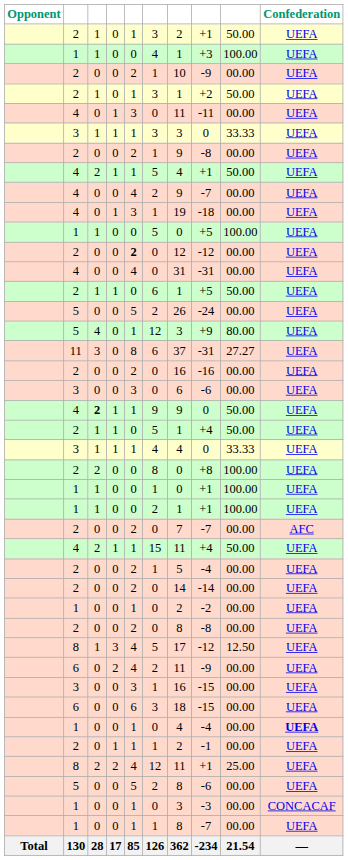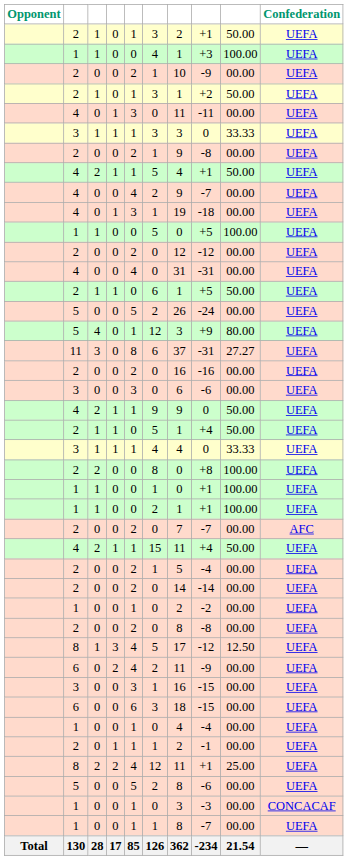 <table class="wikitable sortable" style="text-align:center;">
 <tr style="color:#00966E">
 <th style="background-color:#FFFFFF;color:#00966E">Opponent</th>
 <th style="background-color:#FFFFFF;"></th>
 <th style="background-color:#FFFFFF;"></th>
 <th style="background-color:#FFFFFF;"></th>
 <th style="background-color:#FFFFFF;"></th>
 <th style="background-color:#FFFFFF;"></th>
 <th style="background-color:#FFFFFF;"></th>
 <th style="background-color:#FFFFFF;"></th>
 <th style="background-color:#FFFFFF;"></th>
 <th style="background-color:#FFFFFF;color:#00966E">Confederation</th>
 </tr>
 <tr bgcolor=FFFFCC>
 <td style="text-align:left;"></td>
 <td>2</td>
 <td>1</td>
 <td>0</td>
 <td>1</td>
 <td>3</td>
 <td>2</td>
 <td>+1</td>
 <td>50.00</td>
 <td><a href='#'>UEFA</a></td>
 </tr>
 <tr bgcolor=CCFFCC>
 <td style="text-align:left;"></td>
 <td>1</td>
 <td>1</td>
 <td>0</td>
 <td>0</td>
 <td>4</td>
 <td>1</td>
 <td>+3</td>
 <td>100.00</td>
 <td><a href='#'>UEFA</a></td>
 </tr>
 <tr bgcolor=FFDACC>
 <td style="text-align:left;"></td>
 <td>2</td>
 <td>0</td>
 <td>0</td>
 <td>2</td>
 <td>1</td>
 <td>10</td>
 <td>-9</td>
 <td>00.00</td>
 <td><a href='#'>UEFA</a></td>
 </tr>
 <tr bgcolor=FFFFCC>
 <td style="text-align:left;"></td>
 <td>2</td>
 <td>1</td>
 <td>0</td>
 <td>1</td>
 <td>3</td>
 <td>1</td>
 <td>+2</td>
 <td>50.00</td>
 <td><a href='#'>UEFA</a></td>
 </tr>
 <tr bgcolor=FFDACC>
 <td style="text-align:left;"></td>
 <td>4</td>
 <td>0</td>
 <td>1</td>
 <td>3</td>
 <td>0</td>
 <td>11</td>
 <td>-11</td>
 <td>00.00</td>
 <td><a href='#'>UEFA</a></td>
 </tr>
 <tr bgcolor=FFFFCC>
 <td style="text-align:left;"></td>
 <td>3</td>
 <td>1</td>
 <td>1</td>
 <td>1</td>
 <td>3</td>
 <td>3</td>
 <td>0</td>
 <td>33.33</td>
 <td><a href='#'>UEFA</a></td>
 </tr>
 <tr bgcolor=FFDACC>
 <td style="text-align:left;"></td>
 <td>2</td>
 <td>0</td>
 <td>0</td>
 <td>2</td>
 <td>1</td>
 <td>9</td>
 <td>-8</td>
 <td>00.00</td>
 <td><a href='#'>UEFA</a></td>
 </tr>
 <tr bgcolor=CCFFCC>
 <td style="text-align:left;"></td>
 <td>4</td>
 <td>2</td>
 <td>1</td>
 <td>1</td>
 <td>5</td>
 <td>4</td>
 <td>+1</td>
 <td>50.00</td>
 <td><a href='#'>UEFA</a></td>
 </tr>
 <tr bgcolor=FFDACC>
 <td style="text-align:left;"></td>
 <td>4</td>
 <td>0</td>
 <td>0</td>
 <td>4</td>
 <td>2</td>
 <td>9</td>
 <td>-7</td>
 <td>00.00</td>
 <td><a href='#'>UEFA</a></td>
 </tr>
 <tr bgcolor=FFDACC>
 <td style="text-align:left;"></td>
 <td>4</td>
 <td>0</td>
 <td>1</td>
 <td>3</td>
 <td>1</td>
 <td>19</td>
 <td>-18</td>
 <td>00.00</td>
 <td><a href='#'>UEFA</a></td>
 </tr>
 <tr bgcolor=CCFFCC>
 <td style="text-align:left;"></td>
 <td>1</td>
 <td>1</td>
 <td>0</td>
 <td>0</td>
 <td>5</td>
 <td>0</td>
 <td>+5</td>
 <td>100.00</td>
 <td><a href='#'>UEFA</a></td>
 </tr>
 <tr bgcolor=FFDACC>
 <td style="text-align:left;"></td>
 <td>2</td>
 <td>0</td>
 <td>0</td>
-<td><strong>2</strong></td>
+<td>2</td>
 <td>0</td>
 <td>12</td>
 <td>-12</td>
 <td>00.00</td>
 <td><a href='#'>UEFA</a></td>
 </tr>
 <tr bgcolor=FFDACC>
 <td style="text-align:left;"></td>
 <td>4</td>
 <td>0</td>
 <td>0</td>
 <td>4</td>
 <td>0</td>
 <td>31</td>
 <td>-31</td>
 <td>00.00</td>
 <td><a href='#'>UEFA</a></td>
 </tr>
 <tr bgcolor=CCFFCC>
 <td style="text-align:left;"></td>
 <td>2</td>
 <td>1</td>
 <td>1</td>
 <td>0</td>
 <td>6</td>
 <td>1</td>
 <td>+5</td>
 <td>50.00</td>
 <td><a href='#'>UEFA</a></td>
 </tr>
 <tr bgcolor=FFDACC>
 <td style="text-align:left;"></td>
 <td>5</td>
 <td>0</td>
 <td>0</td>
 <td>5</td>
 <td>2</td>
 <td>26</td>
 <td>-24</td>
 <td>00.00</td>
 <td><a href='#'>UEFA</a></td>
 </tr>
 <tr bgcolor=CCFFCC>
 <td style="text-align:left;"></td>
 <td>5</td>
 <td>4</td>
 <td>0</td>
 <td>1</td>
 <td>12</td>
 <td>3</td>
 <td>+9</td>
 <td>80.00</td>
 <td><a href='#'>UEFA</a></td>
 </tr>
 <tr bgcolor=FFDACC>
 <td style="text-align:left;"></td>
 <td>11</td>
 <td>3</td>
 <td>0</td>
 <td>8</td>
 <td>6</td>
 <td>37</td>
 <td>-31</td>
 <td>27.27</td>
 <td><a href='#'>UEFA</a></td>
 </tr>
 <tr bgcolor=FFDACC>
 <td style="text-align:left;"></td>
 <td>2</td>
 <td>0</td>
 <td>0</td>
 <td>2</td>
 <td>0</td>
 <td>16</td>
 <td>-16</td>
 <td>00.00</td>
 <td><a href='#'>UEFA</a></td>
 </tr>
 <tr bgcolor=FFDACC>
 <td style="text-align:left;"></td>
 <td>3</td>
 <td>0</td>
 <td>0</td>
 <td>3</td>
 <td>0</td>
 <td>6</td>
 <td>-6</td>
 <td>00.00</td>
 <td><a href='#'>UEFA</a></td>
 </tr>
 <tr bgcolor=CCFFCC>
 <td style="text-align:left;"></td>
 <td>4</td>
-<td><strong>2</strong></td>
+<td>2</td>
 <td>1</td>
 <td>1</td>
 <td>9</td>
 <td>9</td>
 <td>0</td>
 <td>50.00</td>
 <td><a href='#'>UEFA</a></td>
 </tr>
 <tr bgcolor=CCFFCC>
 <td style="text-align:left;"></td>
 <td>2</td>
 <td>1</td>
 <td>1</td>
 <td>0</td>
 <td>5</td>
 <td>1</td>
 <td>+4</td>
 <td>50.00</td>
 <td><a href='#'>UEFA</a></td>
 </tr>
 <tr bgcolor=FFFFCC>
 <td style="text-align:left;"></td>
 <td>3</td>
 <td>1</td>
 <td>1</td>
 <td>1</td>
 <td>4</td>
 <td>4</td>
 <td>0</td>
 <td>33.33</td>
 <td><a href='#'>UEFA</a></td>
 </tr>
 <tr bgcolor=CCFFCC>
 <td style="text-align:left;"></td>
 <td>2</td>
 <td>2</td>
 <td>0</td>
 <td>0</td>
 <td>8</td>
 <td>0</td>
 <td>+8</td>
 <td>100.00</td>
 <td><a href='#'>UEFA</a></td>
 </tr>
 <tr bgcolor=CCFFCC>
 <td style="text-align:left;"></td>
 <td>1</td>
 <td>1</td>
 <td>0</td>
 <td>0</td>
 <td>1</td>
 <td>0</td>
 <td>+1</td>
 <td>100.00</td>
 <td><a href='#'>UEFA</a></td>
 </tr>
 <tr bgcolor=CCFFCC>
 <td style="text-align:left;"></td>
 <td>1</td>
 <td>1</td>
 <td>0</td>
 <td>0</td>
 <td>2</td>
 <td>1</td>
 <td>+1</td>
 <td>100.00</td>
 <td><a href='#'>UEFA</a></td>
 </tr>
 <tr bgcolor=FFDACC>
 <td style="text-align:left;"></td>
 <td>2</td>
 <td>0</td>
 <td>0</td>
 <td>2</td>
 <td>0</td>
 <td>7</td>
 <td>-7</td>
 <td>00.00</td>
 <td><a href='#'>AFC</a></td>
 </tr>
 <tr bgcolor=CCFFCC>
 <td style="text-align:left;"></td>
 <td>4</td>
 <td>2</td>
 <td>1</td>
 <td>1</td>
 <td>15</td>
 <td>11</td>
 <td>+4</td>
 <td>50.00</td>
 <td><a href='#'>UEFA</a></td>
 </tr>
 <tr bgcolor=FFDACC>
 <td style="text-align:left;"></td>
 <td>2</td>
 <td>0</td>
 <td>0</td>
 <td>2</td>
 <td>1</td>
 <td>5</td>
 <td>-4</td>
 <td>00.00</td>
 <td><a href='#'>UEFA</a></td>
 </tr>
 <tr bgcolor=FFDACC>
 <td style="text-align:left;"></td>
 <td>2</td>
 <td>0</td>
 <td>0</td>
 <td>2</td>
 <td>0</td>
 <td>14</td>
 <td>-14</td>
 <td>00.00</td>
 <td><a href='#'>UEFA</a></td>
 </tr>
 <tr bgcolor=FFDACC>
 <td style="text-align:left;"></td>
 <td>1</td>
 <td>0</td>
 <td>0</td>
 <td>1</td>
 <td>0</td>
 <td>2</td>
 <td>-2</td>
 <td>00.00</td>
 <td><a href='#'>UEFA</a></td>
 </tr>
 <tr bgcolor=FFDACC>
 <td style="text-align:left;"></td>
 <td>2</td>
 <td>0</td>
 <td>0</td>
 <td>2</td>
 <td>0</td>
 <td>8</td>
 <td>-8</td>
 <td>00.00</td>
 <td><a href='#'>UEFA</a></td>
 </tr>
 <tr bgcolor=FFDACC>
 <td style="text-align:left;"></td>
 <td>8</td>
 <td>1</td>
 <td>3</td>
 <td>4</td>
 <td>5</td>
 <td>17</td>
 <td>-12</td>
 <td>12.50</td>
 <td><a href='#'>UEFA</a></td>
 </tr>
 <tr bgcolor=FFDACC>
 <td style="text-align:left;"></td>
 <td>6</td>
 <td>0</td>
 <td>2</td>
 <td>4</td>
 <td>2</td>
 <td>11</td>
 <td>-9</td>
 <td>00.00</td>
 <td><a href='#'>UEFA</a></td>
 </tr>
 <tr bgcolor=FFDACC>
 <td style="text-align:left;"></td>
 <td>3</td>
 <td>0</td>
 <td>0</td>
 <td>3</td>
 <td>1</td>
 <td>16</td>
 <td>-15</td>
 <td>00.00</td>
 <td><a href='#'>UEFA</a></td>
 </tr>
 <tr bgcolor=FFDACC>
 <td style="text-align:left;"></td>
 <td>6</td>
 <td>0</td>
 <td>0</td>
 <td>6</td>
 <td>3</td>
 <td>18</td>
 <td>-15</td>
 <td>00.00</td>
 <td><a href='#'>UEFA</a></td>
 </tr>
 <tr bgcolor=FFDACC>
 <td style="text-align:left;"></td>
 <td>1</td>
 <td>0</td>
 <td>0</td>
 <td>1</td>
 <td>0</td>
 <td>4</td>
 <td>-4</td>
 <td>00.00</td>
-<td><strong><a href='#'>UEFA</a></strong></td>
+<td><a href='#'>UEFA</a></td>
 </tr>
 <tr bgcolor=FFDACC>
 <td style="text-align:left;"></td>
 <td>2</td>
 <td>0</td>
 <td>1</td>
 <td>1</td>
 <td>1</td>
 <td>2</td>
 <td>-1</td>
 <td>00.00</td>
 <td><a href='#'>UEFA</a></td>
 </tr>
 <tr bgcolor=FFDACC>
 <td style="text-align:left;"></td>
 <td>8</td>
 <td>2</td>
 <td>2</td>
 <td>4</td>
 <td>12</td>
 <td>11</td>
 <td>+1</td>
 <td>25.00</td>
 <td><a href='#'>UEFA</a></td>
 </tr>
 <tr bgcolor=FFDACC>
 <td style="text-align:left;"></td>
 <td>5</td>
 <td>0</td>
 <td>0</td>
 <td>5</td>
 <td>2</td>
 <td>8</td>
 <td>-6</td>
 <td>00.00</td>
 <td><a href='#'>UEFA</a></td>
 </tr>
 <tr bgcolor=FFDACC>
 <td style="text-align:left;"></td>
 <td>1</td>
 <td>0</td>
 <td>0</td>
 <td>1</td>
 <td>0</td>
 <td>3</td>
 <td>-3</td>
 <td>00.00</td>
 <td><a href='#'>CONCACAF</a></td>
 </tr>
 <tr bgcolor=FFDACC>
 <td style="text-align:left;"></td>
 <td>1</td>
 <td>0</td>
 <td>0</td>
 <td>1</td>
 <td>1</td>
 <td>8</td>
 <td>-7</td>
 <td>00.00</td>
 <td><a href='#'>UEFA</a></td>
 </tr>
 <tr>
 <th>Total</th>
 <th>130</th>
 <th>28</th>
 <th>17</th>
 <th>85</th>
 <th>126</th>
 <th>362</th>
 <th>-234</th>
 <th>21.54</th>
 <th>—</th>
 </tr>
 </table>
